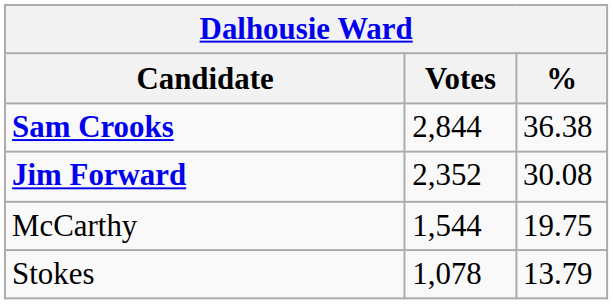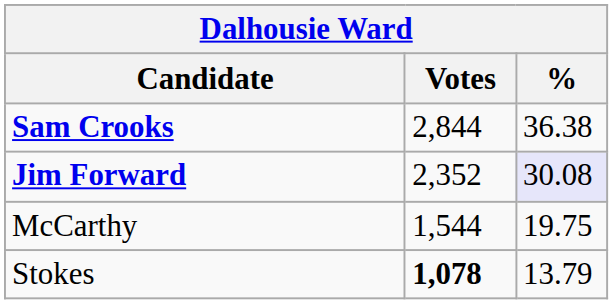 <table class="wikitable">
 <tr>
 <th colspan="3"><a href='#'>Dalhousie Ward</a></th>
 </tr>
 <tr>
 <th style="width: 200px">Candidate</th>
 <th style="width: 50px">Votes</th>
 <th style="width: 40px">%</th>
 </tr>
 <tr>
 <td><strong><a href='#'>Sam Crooks</a></strong></td>
 <td>2,844</td>
 <td>36.38</td>
 </tr>
 <tr>
 <td><strong><a href='#'>Jim Forward</a></strong></td>
 <td>2,352</td>
-<td>30.08</td>
+<td style="background: lavender;">30.08</td>
 </tr>
 <tr>
 <td>McCarthy</td>
 <td>1,544</td>
 <td>19.75</td>
 </tr>
 <tr>
 <td>Stokes</td>
-<td>1,078</td>
+<td><strong>1,078</strong></td>
 <td>13.79</td>
 </tr>
 </table>
